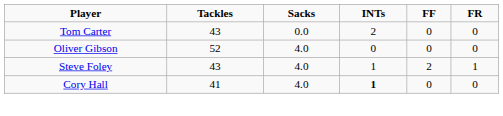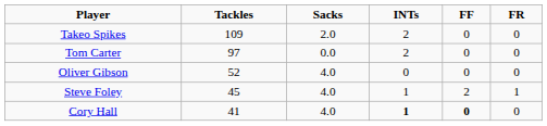 <table class="wikitable" width="80%">
 <tr align="center">
 <td><strong>Player</strong></td>
 <td><strong>Tackles</strong></td>
 <td><strong>Sacks</strong></td>
 <td><strong>INTs</strong></td>
 <td><strong>FF</strong></td>
 <td><strong>FR</strong></td>
 </tr>
 <tr align="center" bgcolor="">
+<td><a href='#'>Takeo Spikes</a></td>
+<td>109</td>
+<td>2.0</td>
+<td>2</td>
+<td>0</td>
+<td>0</td>
+</tr>
+<tr align="center" bgcolor="">
 <td><a href='#'>Tom Carter</a></td>
-<td>43</td>
+<td>97</td>
 <td>0.0</td>
 <td>2</td>
 <td>0</td>
 <td>0</td>
 </tr>
 <tr align="center" bgcolor="">
 <td><a href='#'>Oliver Gibson</a></td>
 <td>52</td>
 <td>4.0</td>
 <td>0</td>
 <td>0</td>
 <td>0</td>
 </tr>
 <tr align="center" bgcolor="">
 <td><a href='#'>Steve Foley</a></td>
-<td>43</td>
+<td>45</td>
 <td>4.0</td>
 <td>1</td>
 <td>2</td>
 <td>1</td>
 </tr>
 <tr align="center" bgcolor="">
 <td><a href='#'>Cory Hall</a></td>
 <td>41</td>
 <td>4.0</td>
 <td><strong>1</strong></td>
-<td>0</td>
+<td><strong>0</strong></td>
 <td>0</td>
 </tr>
 </table>
